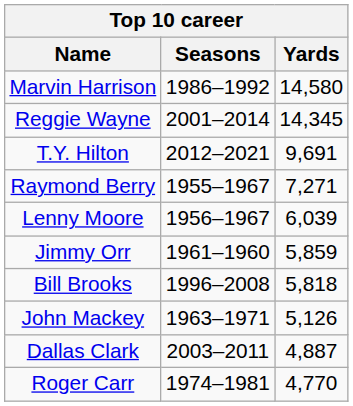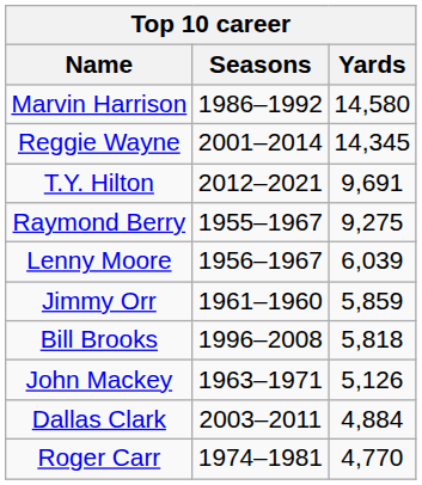 <table class="wikitable" style="text-align:center">
 <tr>
 <th colspan="3"><strong>Top 10 career</strong></th>
 </tr>
 <tr>
 <th><strong>Name</strong></th>
 <th><strong>Seasons</strong></th>
 <th><strong>Yards</strong></th>
 </tr>
 <tr>
 <td><a href='#'>Marvin Harrison</a></td>
 <td>1986–1992</td>
 <td>14,580</td>
 </tr>
 <tr>
 <td><a href='#'>Reggie Wayne</a></td>
 <td>2001–2014</td>
 <td>14,345</td>
 </tr>
 <tr>
 <td><a href='#'>T.Y. Hilton</a></td>
 <td>2012–2021</td>
 <td>9,691</td>
 </tr>
 <tr>
 <td><a href='#'>Raymond Berry</a></td>
 <td>1955–1967</td>
-<td>7,271</td>
+<td>9,275</td>
 </tr>
 <tr>
 <td><a href='#'>Lenny Moore</a></td>
 <td>1956–1967</td>
 <td>6,039</td>
 </tr>
 <tr>
 <td><a href='#'>Jimmy Orr</a></td>
 <td>1961–1960</td>
 <td>5,859</td>
 </tr>
 <tr>
 <td><a href='#'>Bill Brooks</a></td>
 <td>1996–2008</td>
 <td>5,818</td>
 </tr>
 <tr>
 <td><a href='#'>John Mackey</a></td>
 <td>1963–1971</td>
 <td>5,126</td>
 </tr>
 <tr>
 <td><a href='#'>Dallas Clark</a></td>
 <td>2003–2011</td>
-<td>4,887</td>
+<td>4,884</td>
 </tr>
 <tr>
 <td><a href='#'>Roger Carr</a></td>
 <td>1974–1981</td>
 <td>4,770</td>
 </tr>
 </table>
